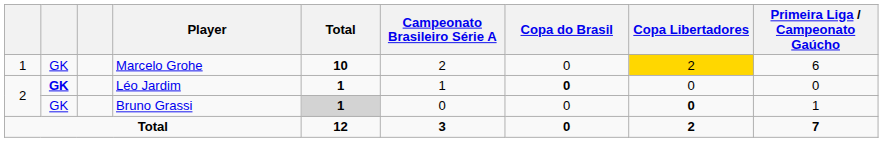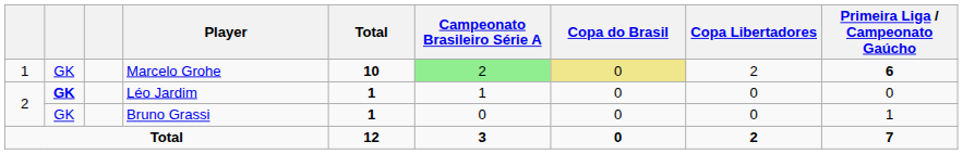 <table class="wikitable" style="text-align:center; font-size:90%">
 <tr>
 <th width="33"></th>
 <th width="33"></th>
 <th width="33"></th>
 <th width="200">Player</th>
 <th width="80">Total</th>
 <th width="130"><a href='#'>Campeonato Brasileiro Série A</a></th>
 <th width="130"><a href='#'>Copa do Brasil</a></th>
 <th width="130"><a href='#'>Copa Libertadores</a></th>
 <th width="130"><a href='#'>Primeira Liga</a> / <a href='#'>Campeonato Gaúcho</a></th>
 </tr>
 <tr>
 <td>1</td>
 <td><a href='#'>GK</a></td>
 <td></td>
 <td align=left><a href='#'>Marcelo Grohe</a></td>
 <td><strong>10</strong></td>
+<td style="background: lightgreen;">2</td>
+<td style="background: khaki;">0</td>
 <td>2</td>
-<td>0</td>
-<td style="background: gold;">2</td>
-<td>6</td>
+<td><strong>6</strong></td>
 </tr>
 <tr>
 <td rowspan=2>2</td>
 <td><strong><a href='#'>GK</a></strong></td>
 <td></td>
 <td align=left><a href='#'>Léo Jardim</a></td>
 <td><strong>1</strong></td>
 <td>1</td>
-<td><strong>0</strong></td>
+<td>0</td>
 <td>0</td>
 <td>0</td>
 </tr>
 <tr>
 <td><a href='#'>GK</a></td>
 <td></td>
 <td align=left><a href='#'>Bruno Grassi</a></td>
-<td style="background: lightgrey;"><strong>1</strong></td>
+<td><strong>1</strong></td>
 <td>0</td>
 <td>0</td>
-<td><strong>0</strong></td>
+<td>0</td>
 <td>1</td>
 </tr>
 <tr>
 <td colspan=4><strong>Total</strong></td>
 <td><strong>12</strong></td>
 <td><strong>3</strong></td>
 <td><strong>0</strong></td>
 <td><strong>2</strong></td>
 <td><strong>7</strong></td>
 </tr>
 </table>
